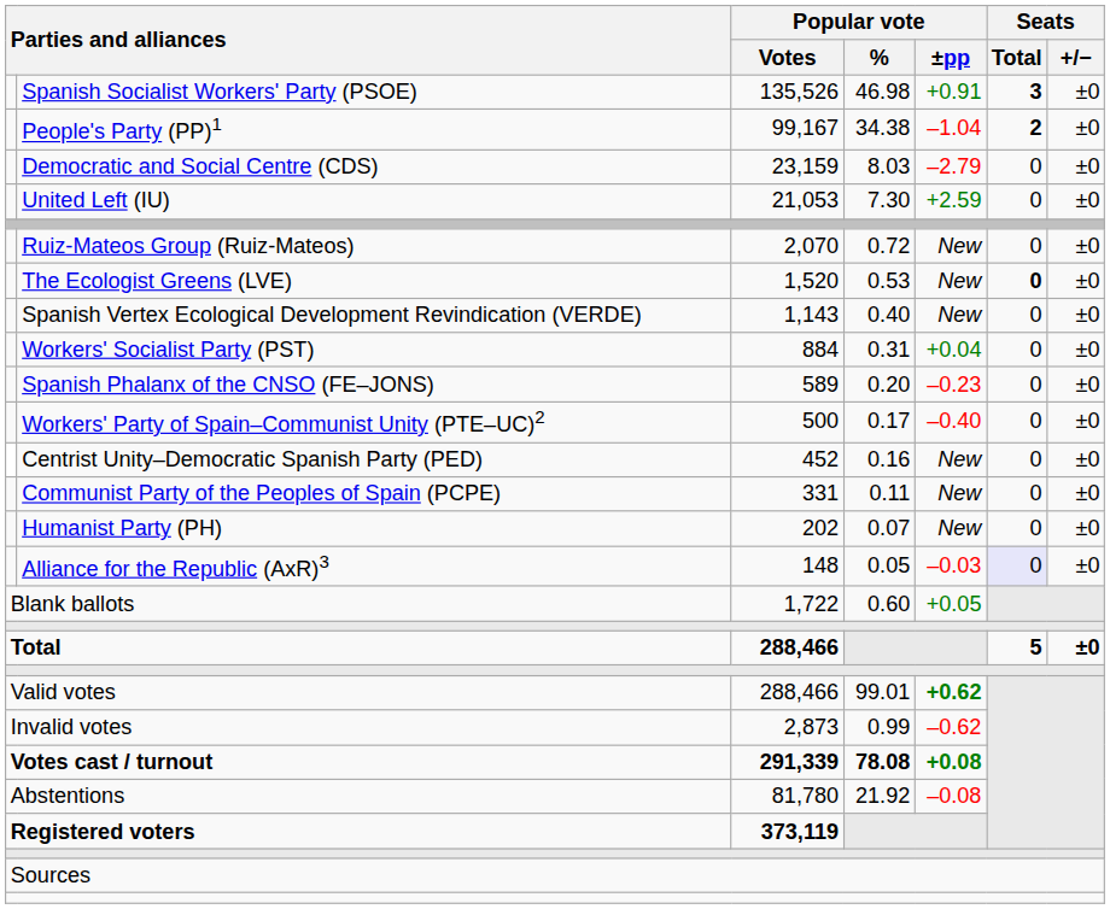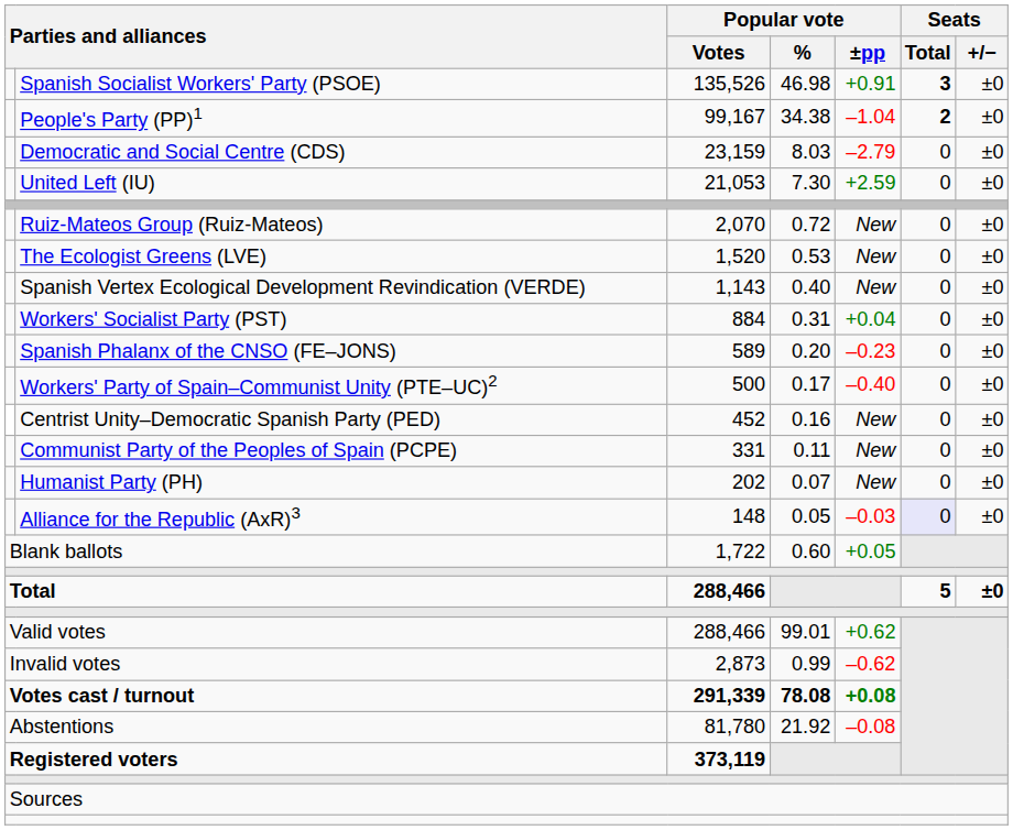 <table class="wikitable" style="text-align:right;">
 <tr>
 <th style="text-align:left;" rowspan="2" colspan="2" width="525">Parties and alliances</th>
 <th colspan="3">Popular vote</th>
 <th colspan="2">Seats</th>
 </tr>
 <tr>
 <th width="75">Votes</th>
 <th width="45">%</th>
 <th width="45">±<a href='#'>pp</a></th>
 <th width="35">Total</th>
 <th width="35">+/−</th>
 </tr>
 <tr>
 <td width="1" style="color:inherit;background:"></td>
 <td align="left"><a href='#'>Spanish Socialist Workers' Party</a> (PSOE)</td>
 <td>135,526</td>
 <td>46.98</td>
 <td style="color:green;">+0.91</td>
 <td><strong>3</strong></td>
 <td>±0</td>
 </tr>
 <tr>
 <td style="color:inherit;background:"></td>
 <td align="left"><a href='#'>People's Party</a> (PP)<sup>1</sup></td>
 <td>99,167</td>
 <td>34.38</td>
 <td style="color:red;">–1.04</td>
 <td><strong>2</strong></td>
 <td>±0</td>
 </tr>
 <tr>
 <td style="color:inherit;background:"></td>
 <td align="left"><a href='#'>Democratic and Social Centre</a> (CDS)</td>
 <td>23,159</td>
 <td>8.03</td>
 <td style="color:red;">–2.79</td>
 <td>0</td>
 <td>±0</td>
 </tr>
 <tr>
 <td style="color:inherit;background:"></td>
 <td align="left"><a href='#'>United Left</a> (IU)</td>
 <td>21,053</td>
 <td>7.30</td>
 <td style="color:green;">+2.59</td>
 <td>0</td>
 <td>±0</td>
 </tr>
 <tr>
 <td colspan="7" bgcolor="#C0C0C0"></td>
 </tr>
 <tr>
 <td style="color:inherit;background:"></td>
 <td align="left"><a href='#'>Ruiz-Mateos Group</a> (Ruiz-Mateos)</td>
 <td>2,070</td>
 <td>0.72</td>
 <td><em>New</em></td>
 <td>0</td>
 <td>±0</td>
 </tr>
 <tr>
 <td style="color:inherit;background:"></td>
 <td align="left"><a href='#'>The Ecologist Greens</a> (LVE)</td>
 <td>1,520</td>
 <td>0.53</td>
 <td><em>New</em></td>
-<td><strong>0</strong></td>
+<td>0</td>
 <td>±0</td>
 </tr>
 <tr>
 <td style="color:inherit;background:"></td>
 <td align="left">Spanish Vertex Ecological Development Revindication (VERDE)</td>
 <td>1,143</td>
 <td>0.40</td>
 <td><em>New</em></td>
 <td>0</td>
 <td>±0</td>
 </tr>
 <tr>
 <td style="color:inherit;background:"></td>
 <td align="left"><a href='#'>Workers' Socialist Party</a> (PST)</td>
 <td>884</td>
 <td>0.31</td>
 <td style="color:green;">+0.04</td>
 <td>0</td>
 <td>±0</td>
 </tr>
 <tr>
 <td style="color:inherit;background:"></td>
 <td align="left"><a href='#'>Spanish Phalanx of the CNSO</a> (FE–JONS)</td>
 <td>589</td>
 <td>0.20</td>
 <td style="color:red;">–0.23</td>
 <td>0</td>
 <td>±0</td>
 </tr>
 <tr>
 <td style="color:inherit;background:"></td>
 <td align="left"><a href='#'>Workers' Party of Spain–Communist Unity</a> (PTE–UC)<sup>2</sup></td>
 <td>500</td>
 <td>0.17</td>
 <td style="color:red;">–0.40</td>
 <td>0</td>
 <td>±0</td>
 </tr>
 <tr>
 <td bgcolor="white"></td>
 <td align="left">Centrist Unity–Democratic Spanish Party (PED)</td>
 <td>452</td>
 <td>0.16</td>
 <td><em>New</em></td>
 <td>0</td>
 <td>±0</td>
 </tr>
 <tr>
 <td style="color:inherit;background:"></td>
 <td align="left"><a href='#'>Communist Party of the Peoples of Spain</a> (PCPE)</td>
 <td>331</td>
 <td>0.11</td>
 <td><em>New</em></td>
 <td>0</td>
 <td>±0</td>
 </tr>
 <tr>
 <td style="color:inherit;background:"></td>
 <td align="left"><a href='#'>Humanist Party</a> (PH)</td>
 <td>202</td>
 <td>0.07</td>
 <td><em>New</em></td>
 <td>0</td>
 <td>±0</td>
 </tr>
 <tr>
 <td style="color:inherit;background:"></td>
 <td align="left"><a href='#'>Alliance for the Republic</a> (AxR)<sup>3</sup></td>
 <td>148</td>
 <td>0.05</td>
 <td style="color:red;">–0.03</td>
 <td style="background: lavender;">0</td>
 <td>±0</td>
 </tr>
 <tr>
 <td align="left" colspan="2">Blank ballots</td>
 <td>1,722</td>
 <td>0.60</td>
 <td style="color:green;">+0.05</td>
 <td bgcolor="#E9E9E9" colspan="2"></td>
 </tr>
 <tr>
 <td colspan="7" bgcolor="#E9E9E9"></td>
 </tr>
 <tr style="font-weight:bold;">
 <td align="left" colspan="2">Total</td>
 <td>288,466</td>
 <td bgcolor="#E9E9E9" colspan="2"></td>
 <td>5</td>
 <td>±0</td>
 </tr>
 <tr>
 <td colspan="7" bgcolor="#E9E9E9"></td>
 </tr>
 <tr>
 <td align="left" colspan="2">Valid votes</td>
 <td>288,466</td>
 <td>99.01</td>
-<td style="color:green;"><strong>+0.62</strong></td>
+<td style="color:green;">+0.62</td>
 <td bgcolor="#E9E9E9" colspan="2" rowspan="5"></td>
 </tr>
 <tr>
 <td align="left" colspan="2">Invalid votes</td>
 <td>2,873</td>
 <td>0.99</td>
 <td style="color:red;">–0.62</td>
 </tr>
 <tr style="font-weight:bold;">
 <td align="left" colspan="2">Votes cast / turnout</td>
 <td>291,339</td>
 <td>78.08</td>
 <td style="color:green;">+0.08</td>
 </tr>
 <tr>
 <td align="left" colspan="2">Abstentions</td>
 <td>81,780</td>
 <td>21.92</td>
 <td style="color:red;">–0.08</td>
 </tr>
 <tr style="font-weight:bold;">
 <td align="left" colspan="2">Registered voters</td>
 <td>373,119</td>
 <td bgcolor="#E9E9E9" colspan="2"></td>
 </tr>
 <tr>
 <td colspan="7" bgcolor="#E9E9E9"></td>
 </tr>
 <tr>
 <td align="left" colspan="7">Sources</td>
 </tr>
 <tr>
 <td colspan="7" style="text-align:left; max-width:790px;"></td>
 </tr>
 </table>
